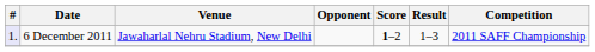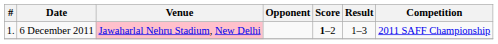 <table class="wikitable" style="font-size:95%">
 <tr>
 <th>#</th>
 <th>Date</th>
 <th>Venue</th>
 <th>Opponent</th>
 <th>Score</th>
 <th>Result</th>
 <th>Competition</th>
 </tr>
 <tr>
-<td style="background: lavender;">1.</td>
+<td>1.</td>
 <td>6 December 2011</td>
-<td><a href='#'>Jawaharlal Nehru Stadium</a>, <a href='#'>New Delhi</a></td>
+<td style="background: pink;"><a href='#'>Jawaharlal Nehru Stadium</a>, <a href='#'>New Delhi</a></td>
 <td></td>
 <td style="text-align:center;"><strong>1</strong>–2</td>
 <td style="text-align:center;">1–3</td>
 <td><a href='#'>2011 SAFF Championship</a></td>
 </tr>
 <tr>
 </tr>
 </table>
